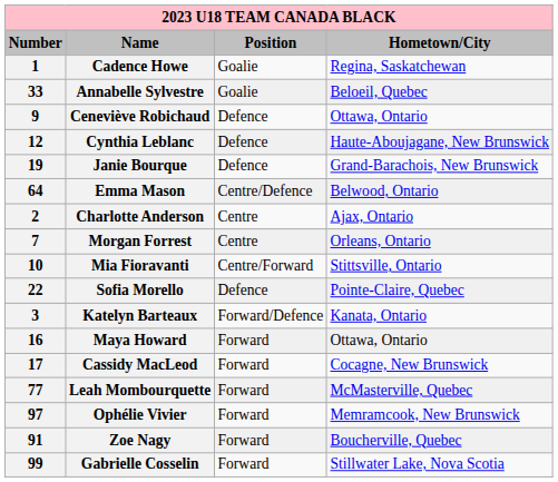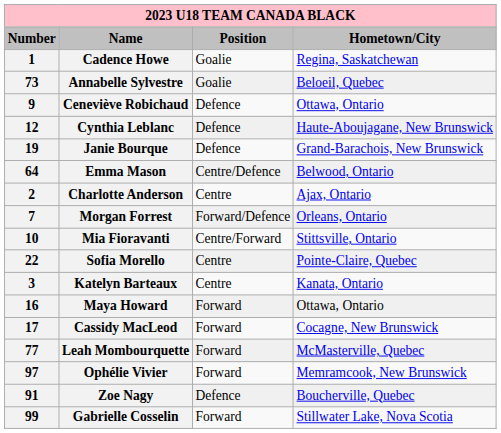 <table class="wikitable" style="text-align:left; font-size:90%;">
 <tr>
 <th style=background:pink colspan=4>2023 U18 TEAM CANADA BLACK</th>
 </tr>
 <tr bgcolor="#f0f0f0">
 <th style="background:silver;">Number</th>
 <th style="background:silver;">Name</th>
 <th style="background:silver;">Position</th>
 <th style="background:silver;">Hometown/City</th>
 </tr>
 <tr>
 <th align=left>1</th>
 <th align=left>Cadence Howe</th>
 <td align=left>Goalie</td>
 <td><a href='#'>Regina, Saskatchewan</a></td>
 </tr>
 <tr bgcolor="#f0f0f0">
-<th align=left>33</th>
+<th align=left>73</th>
 <th align=left>Annabelle Sylvestre</th>
 <td align=left>Goalie</td>
 <td><a href='#'>Beloeil, Quebec</a></td>
 </tr>
 <tr>
 <th align=left>9</th>
 <th align=left>Ceneviève Robichaud</th>
 <td align=left>Defence</td>
 <td><a href='#'>Ottawa, Ontario</a></td>
 </tr>
 <tr bgcolor="#f0f0f0">
 <th align=left>12</th>
 <th align=left>Cynthia Leblanc</th>
 <td align=left>Defence</td>
 <td><a href='#'>Haute-Aboujagane, New Brunswick</a></td>
 </tr>
 <tr>
 <th align=left>19</th>
 <th align=left>Janie Bourque</th>
 <td align=left>Defence</td>
 <td><a href='#'>Grand-Barachois, New Brunswick</a></td>
 </tr>
 <tr bgcolor="#f0f0f0">
 <th align=left>64</th>
 <th align=left>Emma Mason</th>
 <td align=left>Centre/Defence</td>
 <td><a href='#'>Belwood, Ontario</a></td>
 </tr>
 <tr>
 <th align=left>2</th>
 <th align=left>Charlotte Anderson</th>
 <td align=left>Centre</td>
 <td><a href='#'>Ajax, Ontario</a></td>
 </tr>
 <tr bgcolor="#f0f0f0">
 <th align=left>7</th>
 <th align=left>Morgan Forrest</th>
-<td align=left>Centre</td>
+<td align=left>Forward/Defence</td>
 <td><a href='#'>Orleans, Ontario</a></td>
 </tr>
 <tr>
 <th align=left>10</th>
 <th align=left>Mia Fioravanti</th>
 <td align=left>Centre/Forward</td>
 <td><a href='#'>Stittsville, Ontario</a></td>
 </tr>
 <tr bgcolor="#f0f0f0">
 <th align=left>22</th>
 <th align=left>Sofia Morello</th>
-<td align=left>Defence</td>
+<td align=left>Centre</td>
 <td><a href='#'>Pointe-Claire, Quebec</a></td>
 </tr>
 <tr>
 <th align=left>3</th>
 <th align=left>Katelyn Barteaux</th>
-<td align=left>Forward/Defence</td>
+<td align=left>Centre</td>
 <td><a href='#'>Kanata, Ontario</a></td>
 </tr>
 <tr bgcolor="#f0f0f0">
 <th align=left>16</th>
 <th align=left>Maya Howard</th>
 <td align=left>Forward</td>
 <td>Ottawa, Ontario</td>
 </tr>
 <tr>
 <th align=left>17</th>
 <th align=left>Cassidy MacLeod</th>
 <td align=left>Forward</td>
 <td><a href='#'>Cocagne, New Brunswick</a></td>
 </tr>
 <tr bgcolor="#f0f0f0">
 <th align=left>77</th>
 <th align=left>Leah Mombourquette</th>
 <td align=left>Forward</td>
 <td><a href='#'>McMasterville, Quebec</a></td>
 </tr>
 <tr>
 <th align=left>97</th>
 <th align=left>Ophélie Vivier</th>
 <td align=left>Forward</td>
 <td><a href='#'>Memramcook, New Brunswick</a></td>
 </tr>
 <tr bgcolor="#f0f0f0">
 <th align=left>91</th>
 <th align=left>Zoe Nagy</th>
-<td align=left>Forward</td>
+<td align=left>Defence</td>
 <td><a href='#'>Boucherville, Quebec</a></td>
 </tr>
 <tr>
 <th align=left>99</th>
 <th align=left>Gabrielle Cosselin</th>
 <td align=left>Forward</td>
 <td><a href='#'>Stillwater Lake, Nova Scotia</a></td>
 </tr>
 </table>
